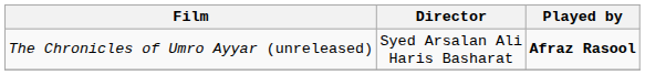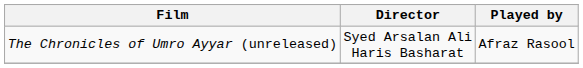 <table class="wikitable">
 <tr>
 <th rowspan="1">Film</th>
 <th colspan="1">Director</th>
 <th colspan="1">Played by</th>
 </tr>
 <tr>
 <td><em>The Chronicles of Umro Ayyar</em> (unreleased)</td>
 <td align="center">Syed Arsalan Ali <br> Haris Basharat</td>
-<td align="center"><strong>Afraz Rasool</strong></td>
+<td align="center">Afraz Rasool</td>
 </tr>
 <tr>
 </tr>
 </table>
